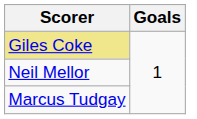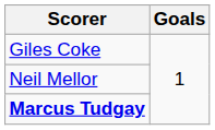 <table class="wikitable">
 <tr>
 <th>Scorer</th>
 <th>Goals</th>
 </tr>
 <tr>
-<td style="background: khaki;"><a href='#'>Giles Coke</a></td>
+<td><a href='#'>Giles Coke</a></td>
 <td rowspan="3" align=center>1</td>
 </tr>
 <tr>
 <td><a href='#'>Neil Mellor</a></td>
 </tr>
 <tr>
-<td><a href='#'>Marcus Tudgay</a></td>
+<td><strong><a href='#'>Marcus Tudgay</a></strong></td>
 </tr>
 </table>
